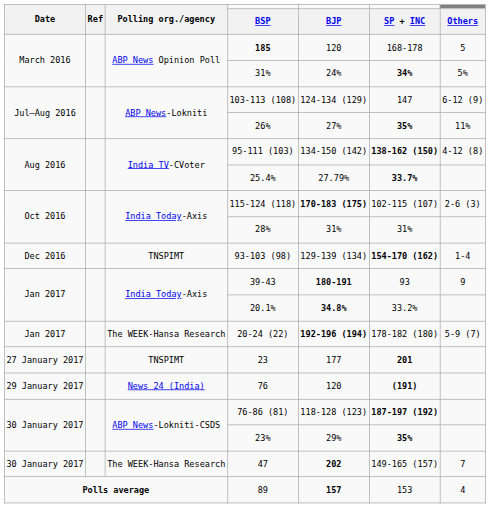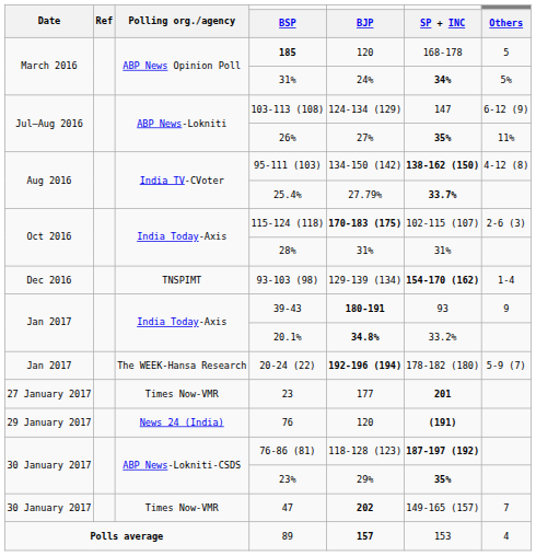 <table class="wikitable" style="text-align:center;font-size:90%;line-height:30px;">
 <tr>
 <th class="wikitable" rowspan="2">Date</th>
 <th class="wikitable" rowspan="2">Ref</th>
 <th class="wikitable" rowspan="2">Polling org./agency</th>
 <td></td>
 <td></td>
 <td></td>
 <td style="background:gray;"></td>
 </tr>
 <tr>
 <th class="wikitable"><a href='#'>BSP</a></th>
 <th class="wikitable"><a href='#'>BJP</a></th>
 <th class="wikitable"><a href='#'>SP</a> + <a href='#'>INC</a></th>
 <th class="wikitable"><a href='#'>Others</a></th>
 </tr>
 <tr>
 <td rowspan="2">March 2016</td>
 <td rowspan="2"></td>
 <td rowspan="2"><a href='#'>ABP News</a> Opinion Poll</td>
 <td><strong>185</strong></td>
 <td>120</td>
 <td>168-178</td>
 <td>5</td>
 </tr>
 <tr>
 <td>31%</td>
 <td>24%</td>
 <td><strong>34%</strong></td>
 <td>5%</td>
 </tr>
 <tr>
 <td rowspan="2">Jul–Aug 2016</td>
 <td rowspan="2"></td>
 <td rowspan="2"><a href='#'>ABP News</a>-Lokniti</td>
 <td>103-113 (108)</td>
 <td>124-134 (129)</td>
 <td>147</td>
 <td>6-12 (9)</td>
 </tr>
 <tr>
 <td>26%</td>
 <td>27%</td>
 <td><strong>35%</strong></td>
 <td>11%</td>
 </tr>
 <tr>
 <td rowspan="2">Aug 2016</td>
 <td rowspan="2"></td>
 <td rowspan="2"><a href='#'>India TV</a>-CVoter</td>
 <td>95-111 (103)</td>
 <td>134-150 (142)</td>
 <td><strong>138-162 (150)</strong></td>
 <td>4-12 (8)</td>
 </tr>
 <tr>
 <td>25.4%</td>
 <td>27.79%</td>
 <td><strong>33.7%</strong></td>
 <td></td>
 </tr>
 <tr>
 <td rowspan="2">Oct 2016</td>
 <td rowspan="2"></td>
 <td rowspan="2"><a href='#'>India Today</a>-Axis</td>
 <td>115-124 (118)</td>
 <td><strong>170-183 (175)</strong></td>
 <td>102-115 (107)</td>
 <td>2-6 (3)</td>
 </tr>
 <tr>
 <td>28%</td>
 <td>31%</td>
 <td>31%</td>
 <td></td>
 </tr>
 <tr>
 <td>Dec 2016</td>
 <td></td>
 <td>TNSPIMT</td>
 <td>93-103 (98)</td>
 <td>129-139 (134)</td>
 <td><strong>154-170 (162)</strong></td>
 <td>1-4</td>
 </tr>
 <tr>
 <td rowspan="2">Jan 2017</td>
 <td rowspan="2"></td>
 <td rowspan="2"><a href='#'>India Today</a>-Axis</td>
 <td>39-43</td>
 <td><strong>180-191</strong></td>
 <td>93</td>
 <td>9</td>
 </tr>
 <tr>
 <td>20.1%</td>
 <td><strong>34.8%</strong></td>
 <td>33.2%</td>
 <td></td>
 </tr>
 <tr>
 <td>Jan 2017</td>
 <td></td>
 <td>The WEEK-Hansa Research</td>
 <td>20-24 (22)</td>
 <td><strong>192-196 (194)</strong></td>
 <td>178-182 (180)</td>
 <td>5-9 (7)</td>
 </tr>
 <tr>
 <td>27 January 2017</td>
 <td></td>
-<td>TNSPIMT</td>
+<td>Times Now-VMR</td>
 <td>23</td>
 <td>177</td>
 <td><strong> 201</strong></td>
 <td></td>
 </tr>
 <tr>
 <td>29 January 2017</td>
 <td></td>
 <td><a href='#'>News 24 (India)</a></td>
 <td>76</td>
 <td>120</td>
 <td><strong>(191)</strong></td>
 <td></td>
 </tr>
 <tr>
 <td rowspan="2">30 January 2017</td>
 <td rowspan="2"></td>
 <td rowspan="2"><a href='#'>ABP News</a>-Lokniti-CSDS</td>
 <td>76-86 (81)</td>
 <td>118-128 (123)</td>
 <td><strong>187-197 (192)</strong></td>
 <td></td>
 </tr>
 <tr>
 <td>23%</td>
 <td>29%</td>
 <td><strong>35%</strong></td>
 <td></td>
 </tr>
 <tr>
 <td>30 January 2017</td>
 <td></td>
-<td>The WEEK-Hansa Research</td>
+<td>Times Now-VMR</td>
 <td>47</td>
 <td><strong>202</strong></td>
 <td>149-165 (157)</td>
 <td>7</td>
 </tr>
 <tr>
 <td colspan="3"><strong>Polls average</strong></td>
 <td>89</td>
 <td><strong>157</strong></td>
 <td>153</td>
 <td>4</td>
 </tr>
 </table>
